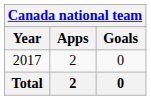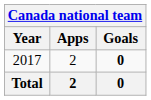 <table class="wikitable" style="text-align:center">
 <tr>
 <th colspan=3><a href='#'>Canada national team</a></th>
 </tr>
 <tr>
 <th>Year</th>
 <th>Apps</th>
 <th>Goals</th>
 </tr>
 <tr>
 <td>2017</td>
 <td>2</td>
-<td>0</td>
+<td><strong>0</strong></td>
 </tr>
 <tr>
 <th>Total</th>
 <th>2</th>
 <th>0</th>
 </tr>
 </table>
